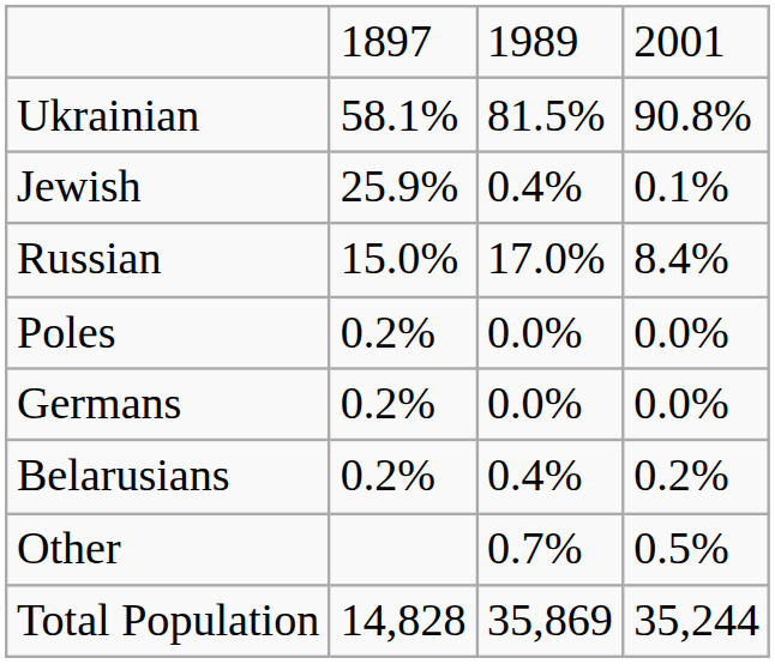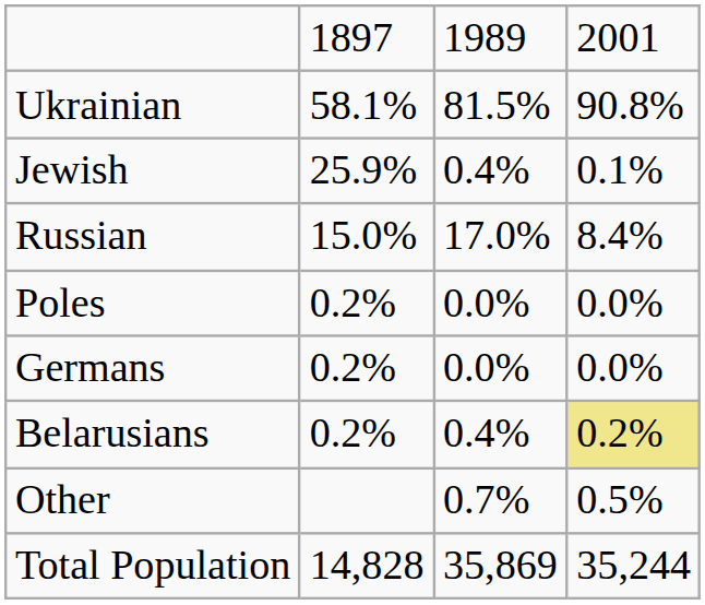 <table class="wikitable">
 <tr>
 <td></td>
 <td>1897</td>
 <td>1989</td>
 <td>2001</td>
 </tr>
 <tr>
 <td>Ukrainian</td>
 <td>58.1%</td>
 <td>81.5%</td>
 <td>90.8%</td>
 </tr>
 <tr>
 <td>Jewish</td>
 <td>25.9%</td>
 <td>0.4%</td>
 <td>0.1%</td>
 </tr>
 <tr>
 <td>Russian</td>
 <td>15.0%</td>
 <td>17.0%</td>
 <td>8.4%</td>
 </tr>
 <tr>
 <td>Poles</td>
 <td>0.2%</td>
 <td>0.0%</td>
 <td>0.0%</td>
 </tr>
 <tr>
 <td>Germans</td>
 <td>0.2%</td>
 <td>0.0%</td>
 <td>0.0%</td>
 </tr>
 <tr>
 <td>Belarusians</td>
 <td>0.2%</td>
 <td>0.4%</td>
-<td>0.2%</td>
+<td style="background: khaki;">0.2%</td>
 </tr>
 <tr>
 <td>Other</td>
 <td></td>
 <td>0.7%</td>
 <td>0.5%</td>
 </tr>
 <tr>
 <td>Total Population</td>
 <td>14,828</td>
 <td>35,869</td>
 <td>35,244</td>
 </tr>
 </table>
